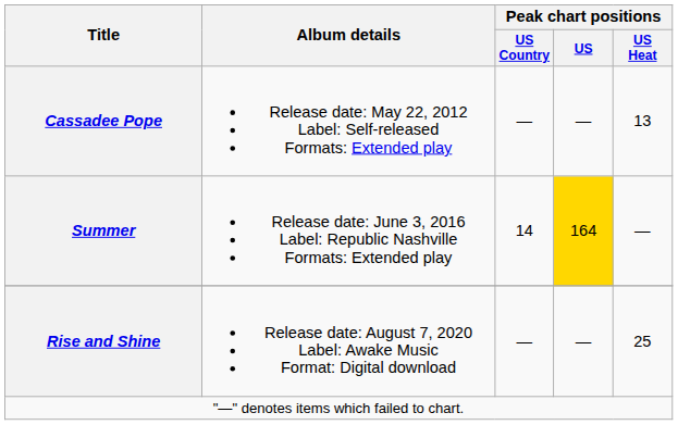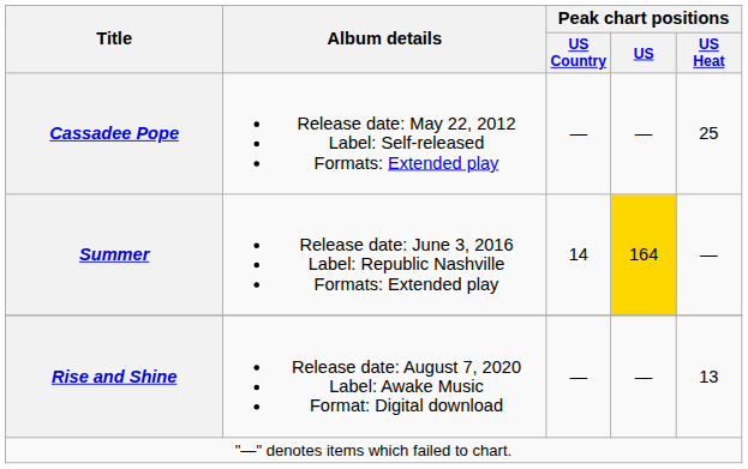 <table class="wikitable plainrowheaders" style="text-align:center;">
 <tr>
 <th rowspan="2" style="width:12em;">Title</th>
 <th rowspan="2" style="width:18em;">Album details</th>
 <th colspan="3">Peak chart positions</th>
 </tr>
 <tr style="font-size:smaller;">
 <th style="width:4em;"><a href='#'>US Country</a><br></th>
 <th style="width:4em;"><a href='#'>US</a><br></th>
 <th style="width:4em;"><a href='#'>US<br>Heat</a><br></th>
 </tr>
 <tr>
 <th scope="row"><em><a href='#'>Cassadee Pope</a></em></th>
 <td><br><ul><li>Release date: May 22, 2012</li><li>Label: Self-released</li><li>Formats: <a href='#'>Extended play</a></li></ul></td>
 <td>—</td>
 <td>—</td>
-<td>13</td>
+<td>25</td>
 </tr>
 <tr>
 <th scope="row"><em><a href='#'>Summer</a></em></th>
 <td><br><ul><li>Release date: June 3, 2016</li><li>Label: Republic Nashville</li><li>Formats: Extended play</li></ul></td>
 <td>14</td>
 <td style="background: gold;">164</td>
 <td>—</td>
 </tr>
 <tr>
 </tr>
 <tr>
 <th scope="row"><em><a href='#'>Rise and Shine</a></em></th>
 <td><br><ul><li>Release date: August 7, 2020</li><li>Label: Awake Music</li><li>Format: Digital download</li></ul></td>
 <td>—</td>
 <td>—</td>
-<td>25</td>
+<td>13</td>
 </tr>
 <tr>
 <td colspan="5" style="text-align:center; font-size:90%;">"—" denotes items which failed to chart.</td>
 </tr>
 </table>
